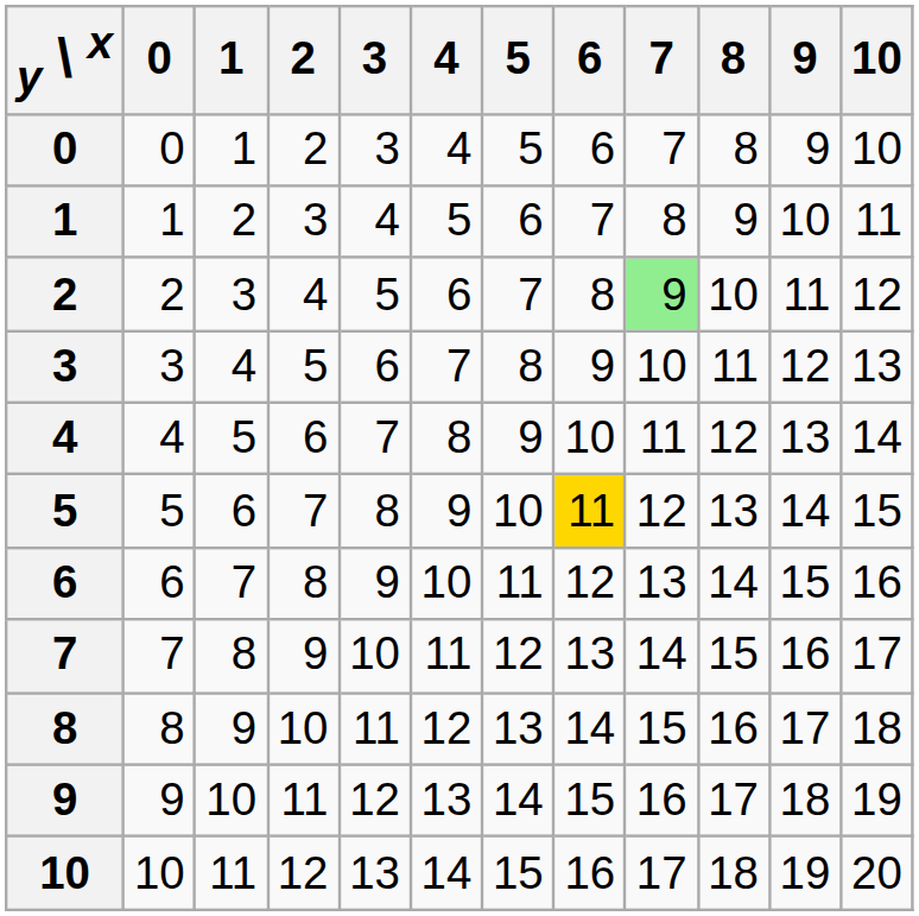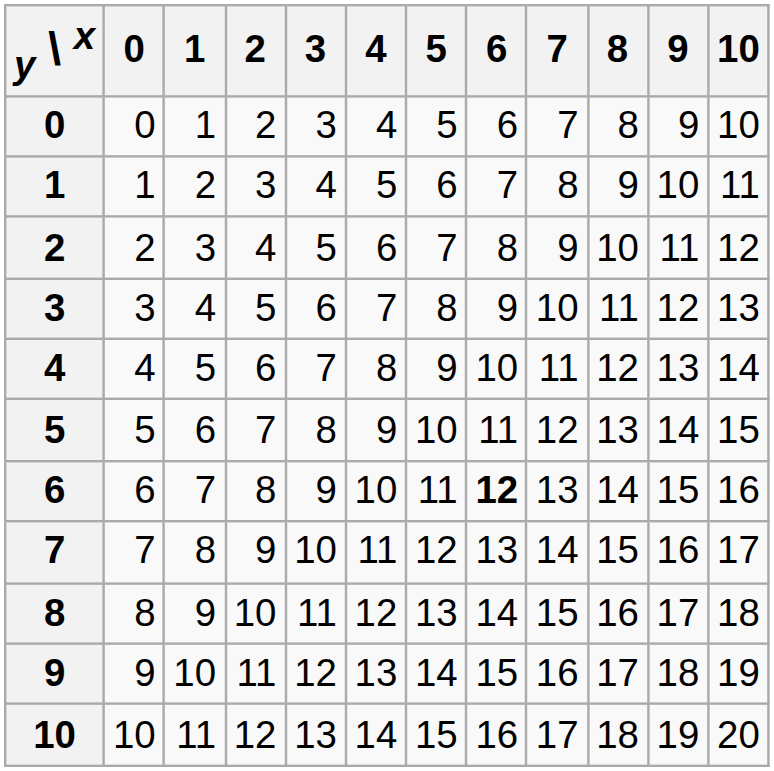 <table class="wikitable" style="text-align:right; font-size:100%">
 <tr>
 <th><big><em><sub>y</sub></em> \ <em><sup>x</sup></em></big></th>
 <th>0</th>
 <th>1</th>
 <th>2</th>
 <th>3</th>
 <th>4</th>
 <th>5</th>
 <th>6</th>
 <th>7</th>
 <th>8</th>
 <th>9</th>
 <th>10</th>
 </tr>
 <tr>
 <th>0</th>
 <td>0</td>
 <td>1</td>
 <td>2</td>
 <td>3</td>
 <td>4</td>
 <td>5</td>
 <td>6</td>
 <td>7</td>
 <td>8</td>
 <td>9</td>
 <td>10</td>
 </tr>
 <tr>
 <th>1</th>
 <td>1</td>
 <td>2</td>
 <td>3</td>
 <td>4</td>
 <td>5</td>
 <td>6</td>
 <td>7</td>
 <td>8</td>
 <td>9</td>
 <td>10</td>
 <td>11</td>
 </tr>
 <tr>
 <th>2</th>
 <td>2</td>
 <td>3</td>
 <td>4</td>
 <td>5</td>
 <td>6</td>
 <td>7</td>
 <td>8</td>
-<td style="background: lightgreen;">9</td>
+<td>9</td>
 <td>10</td>
 <td>11</td>
 <td>12</td>
 </tr>
 <tr>
 <th>3</th>
 <td>3</td>
 <td>4</td>
 <td>5</td>
 <td>6</td>
 <td>7</td>
 <td>8</td>
 <td>9</td>
 <td>10</td>
 <td>11</td>
 <td>12</td>
 <td>13</td>
 </tr>
 <tr>
 <th>4</th>
 <td>4</td>
 <td>5</td>
 <td>6</td>
 <td>7</td>
 <td>8</td>
 <td>9</td>
 <td>10</td>
 <td>11</td>
 <td>12</td>
 <td>13</td>
 <td>14</td>
 </tr>
 <tr>
 <th>5</th>
 <td>5</td>
 <td>6</td>
 <td>7</td>
 <td>8</td>
 <td>9</td>
 <td>10</td>
-<td style="background: gold;">11</td>
+<td>11</td>
 <td>12</td>
 <td>13</td>
 <td>14</td>
 <td>15</td>
 </tr>
 <tr>
 <th>6</th>
 <td>6</td>
 <td>7</td>
 <td>8</td>
 <td>9</td>
 <td>10</td>
 <td>11</td>
-<td>12</td>
+<td><strong>12</strong></td>
 <td>13</td>
 <td>14</td>
 <td>15</td>
 <td>16</td>
 </tr>
 <tr>
 <th>7</th>
 <td>7</td>
 <td>8</td>
 <td>9</td>
 <td>10</td>
 <td>11</td>
 <td>12</td>
 <td>13</td>
 <td>14</td>
 <td>15</td>
 <td>16</td>
 <td>17</td>
 </tr>
 <tr>
 <th>8</th>
 <td>8</td>
 <td>9</td>
 <td>10</td>
 <td>11</td>
 <td>12</td>
 <td>13</td>
 <td>14</td>
 <td>15</td>
 <td>16</td>
 <td>17</td>
 <td>18</td>
 </tr>
 <tr>
 <th>9</th>
 <td>9</td>
 <td>10</td>
 <td>11</td>
 <td>12</td>
 <td>13</td>
 <td>14</td>
 <td>15</td>
 <td>16</td>
 <td>17</td>
 <td>18</td>
 <td>19</td>
 </tr>
 <tr>
 <th>10</th>
 <td>10</td>
 <td>11</td>
 <td>12</td>
 <td>13</td>
 <td>14</td>
 <td>15</td>
 <td>16</td>
 <td>17</td>
 <td>18</td>
 <td>19</td>
 <td>20</td>
 </tr>
 <tr>
 </tr>
 </table>
